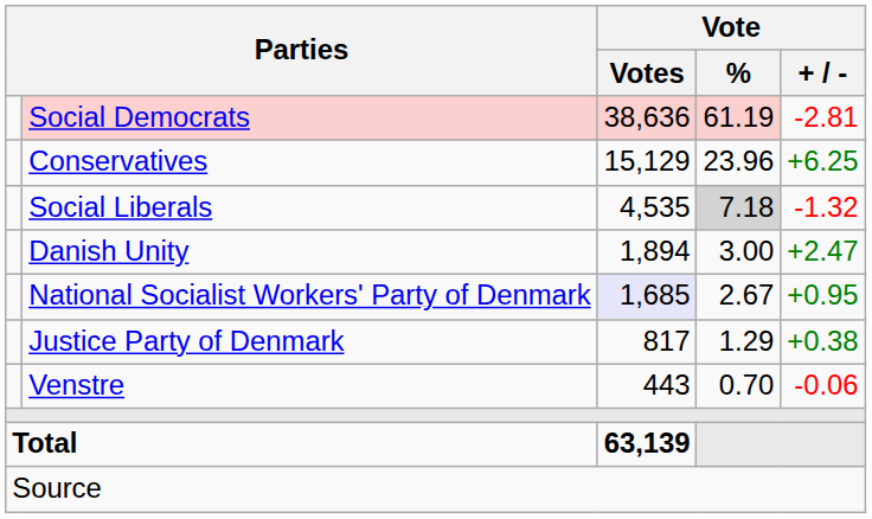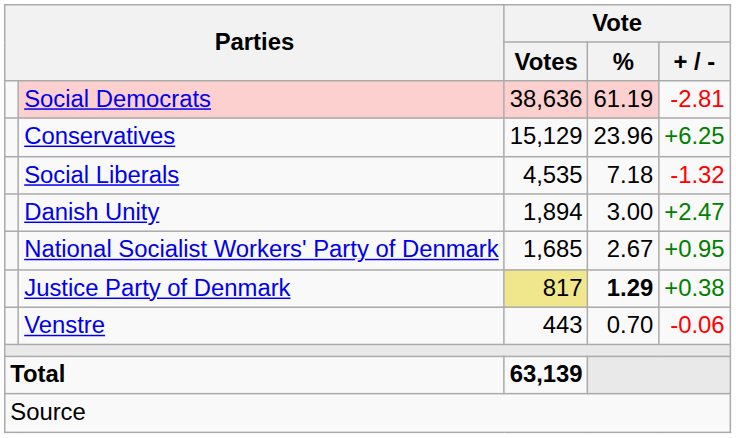 <table class="wikitable" style="text-align:right;">
 <tr>
 <th style="text-align:centre;" rowspan="2" colspan="2" width="225">Parties</th>
 <th colspan="3">Vote</th>
 </tr>
 <tr>
 <th width="15">Votes</th>
 <th width="15">%</th>
 <th width="15">+ / -</th>
 </tr>
 <tr>
 <td width="2" style="color:inherit;background:"></td>
 <td bgcolor=#fbd0ce  align="left"><a href='#'>Social Democrats</a></td>
 <td bgcolor=#fbd0ce>38,636</td>
 <td bgcolor=#fbd0ce>61.19</td>
 <td style=color:red;>-2.81</td>
 </tr>
 <tr>
 <td width="2" style="color:inherit;background:"></td>
 <td align="left"><a href='#'>Conservatives</a></td>
 <td>15,129</td>
 <td>23.96</td>
 <td style=color:green;>+6.25</td>
 </tr>
 <tr>
 <td width="2" style="color:inherit;background:"></td>
 <td align="left"><a href='#'>Social Liberals</a></td>
 <td>4,535</td>
-<td style="background: lightgrey;">7.18</td>
+<td>7.18</td>
 <td style=color:red;>-1.32</td>
 </tr>
 <tr>
 <td width="2" style="color:inherit;background:"></td>
 <td align="left"><a href='#'>Danish Unity</a></td>
 <td>1,894</td>
 <td>3.00</td>
 <td style=color:green;>+2.47</td>
 </tr>
 <tr>
 <td width="2" style="color:inherit;background:"></td>
 <td align="left"><a href='#'>National Socialist Workers' Party of Denmark</a></td>
-<td style="background: lavender;">1,685</td>
+<td>1,685</td>
 <td>2.67</td>
 <td style=color:green;>+0.95</td>
 </tr>
 <tr>
 <td width="2" style="color:inherit;background:"></td>
 <td align="left"><a href='#'>Justice Party of Denmark</a></td>
-<td>817</td>
-<td>1.29</td>
+<td style="background: khaki;">817</td>
+<td><strong>1.29</strong></td>
 <td style=color:green;>+0.38</td>
 </tr>
 <tr>
 <td width="2" style="color:inherit;background:"></td>
 <td align="left"><a href='#'>Venstre</a></td>
 <td>443</td>
 <td>0.70</td>
 <td style=color:red;>-0.06</td>
 </tr>
 <tr>
 <td colspan="7" bgcolor="#E9E9E9"></td>
 </tr>
 <tr>
 <td align="left" colspan="2"><strong>Total</strong></td>
 <td><strong>63,139</strong></td>
 <td bgcolor="#E9E9E9" colspan="2"></td>
 </tr>
 <tr>
 <td align="left" colspan="6">Source</td>
 </tr>
 </table>
